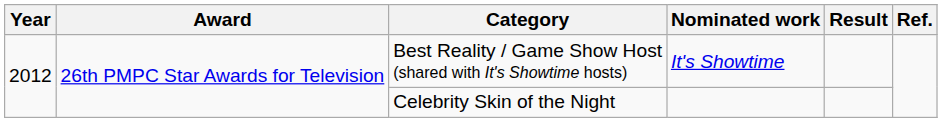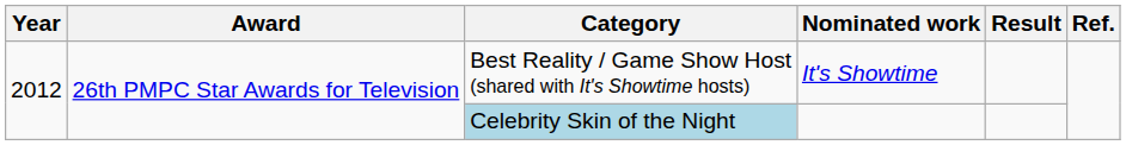 <table class="wikitable">
 <tr>
 <th>Year</th>
 <th>Award</th>
 <th>Category</th>
 <th>Nominated work</th>
 <th>Result</th>
 <th>Ref.</th>
 </tr>
 <tr>
 <td rowspan=2>2012</td>
 <td rowspan=2><a href='#'>26th PMPC Star Awards for Television</a></td>
 <td>Best Reality / Game Show Host <br><small>(shared with <em>It's Showtime</em> hosts)</small></td>
 <td><em><a href='#'>It's Showtime</a></em></td>
 <td></td>
 <td rowspan="2" style="text-align: center;"></td>
 </tr>
 <tr>
-<td>Celebrity Skin of the Night</td>
+<td style="background: lightblue;">Celebrity Skin of the Night</td>
 <td></td>
 <td></td>
 </tr>
 </table>
